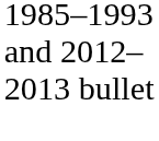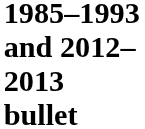 <table style="width:80px;">
 <tr>
 <td></td>
 </tr>
 <tr>
-<td><div>1985–1993 and 2012–2013 bullet</div></td>
+<td><strong><div>1985–1993 and 2012–2013 bullet</div></strong></td>
 </tr>
 </table>
